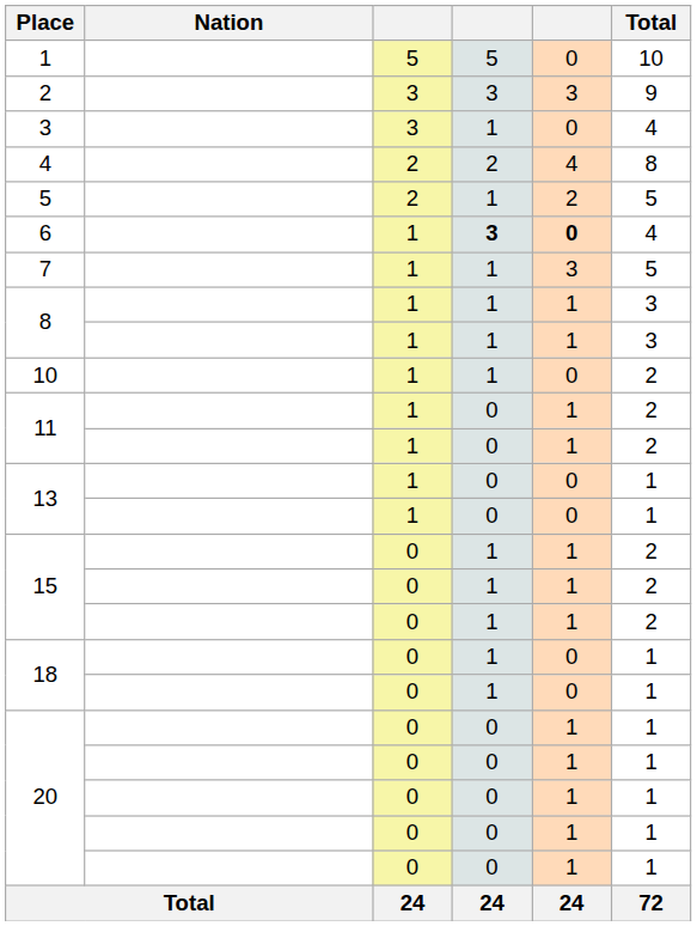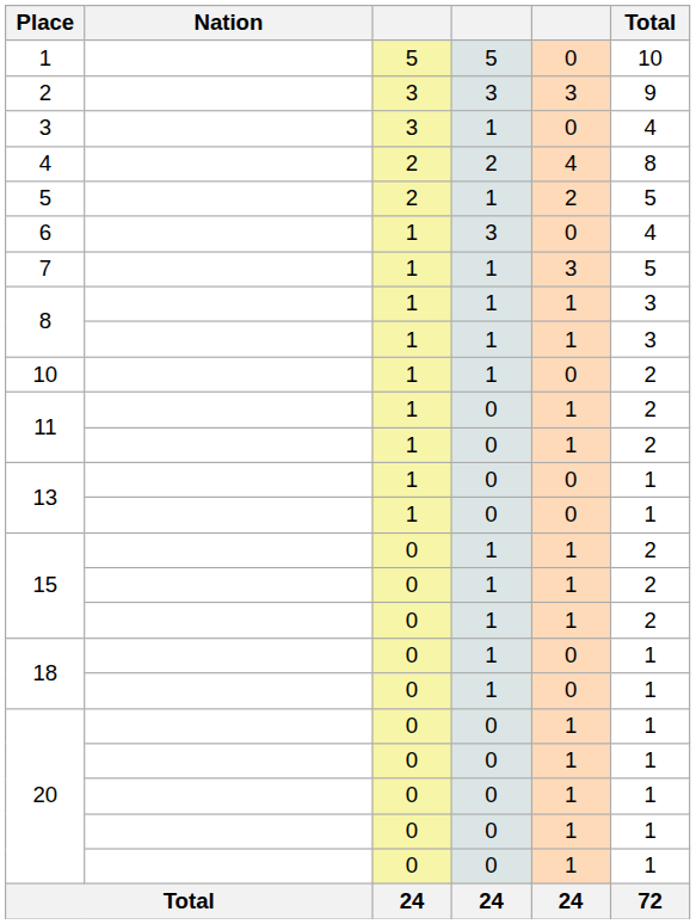 <table class="wikitable" style="border:1px solid #AAAAAA">
 <tr bgcolor="#EFEFEF">
 <th width=50>Place</th>
 <th width=200>Nation</th>
 <th width=50></th>
 <th width=50></th>
 <th width=50></th>
 <th width=50>Total</th>
 </tr>
 <tr align=center bgcolor="#FFFFFF">
 <td>1</td>
 <td align="left"></td>
 <td style="background:#F7F6A8;">5</td>
 <td style="background:#DCE5E5;">5</td>
 <td style="background:#FFDAB9;">0</td>
 <td>10</td>
 </tr>
 <tr align=center bgcolor="#FFFFFF">
 <td>2</td>
 <td align="left"></td>
 <td style="background:#F7F6A8;">3</td>
 <td style="background:#DCE5E5;">3</td>
 <td style="background:#FFDAB9;">3</td>
 <td>9</td>
 </tr>
 <tr align=center bgcolor="#FFFFFF">
 <td>3</td>
 <td align="left"></td>
 <td style="background:#F7F6A8;">3</td>
 <td style="background:#DCE5E5;">1</td>
 <td style="background:#FFDAB9;">0</td>
 <td>4</td>
 </tr>
 <tr align=center bgcolor="#FFFFFF">
 <td>4</td>
 <td align="left"></td>
 <td style="background:#F7F6A8;">2</td>
 <td style="background:#DCE5E5;">2</td>
 <td style="background:#FFDAB9;">4</td>
 <td>8</td>
 </tr>
 <tr align=center bgcolor="#FFFFFF">
 <td>5</td>
 <td align="left"></td>
 <td style="background:#F7F6A8;">2</td>
 <td style="background:#DCE5E5;">1</td>
 <td style="background:#FFDAB9;">2</td>
 <td>5</td>
 </tr>
 <tr align=center bgcolor="#FFFFFF">
 <td>6</td>
 <td align="left"></td>
 <td style="background:#F7F6A8;">1</td>
-<td style="background:#DCE5E5;"><strong>3</strong></td>
-<td style="background:#FFDAB9;"><strong>0</strong></td>
+<td style="background:#DCE5E5;">3</td>
+<td style="background:#FFDAB9;">0</td>
 <td>4</td>
 </tr>
 <tr align=center bgcolor="#FFFFFF">
 <td>7</td>
 <td align="left"></td>
 <td style="background:#F7F6A8;">1</td>
 <td style="background:#DCE5E5;">1</td>
 <td style="background:#FFDAB9;">3</td>
 <td>5</td>
 </tr>
 <tr align=center bgcolor="#FFFFFF">
 <td rowspan=2>8</td>
 <td align="left"></td>
 <td style="background:#F7F6A8;">1</td>
 <td style="background:#DCE5E5;">1</td>
 <td style="background:#FFDAB9;">1</td>
 <td>3</td>
 </tr>
 <tr align=center bgcolor="#FFFFFF">
 <td align="left"></td>
 <td style="background:#F7F6A8;">1</td>
 <td style="background:#DCE5E5;">1</td>
 <td style="background:#FFDAB9;">1</td>
 <td>3</td>
 </tr>
 <tr align=center bgcolor="#FFFFFF">
 <td>10</td>
 <td align="left"></td>
 <td style="background:#F7F6A8;">1</td>
 <td style="background:#DCE5E5;">1</td>
 <td style="background:#FFDAB9;">0</td>
 <td>2</td>
 </tr>
 <tr align=center bgcolor="#FFFFFF">
 <td rowspan=2>11</td>
 <td align="left"></td>
 <td style="background:#F7F6A8;">1</td>
 <td style="background:#DCE5E5;">0</td>
 <td style="background:#FFDAB9;">1</td>
 <td>2</td>
 </tr>
 <tr align=center bgcolor="#FFFFFF">
 <td align="left"></td>
 <td style="background:#F7F6A8;">1</td>
 <td style="background:#DCE5E5;">0</td>
 <td style="background:#FFDAB9;">1</td>
 <td>2</td>
 </tr>
 <tr align=center bgcolor="#FFFFFF">
 <td rowspan=2>13</td>
 <td align="left"></td>
 <td style="background:#F7F6A8;">1</td>
 <td style="background:#DCE5E5;">0</td>
 <td style="background:#FFDAB9;">0</td>
 <td>1</td>
 </tr>
 <tr align=center bgcolor="#FFFFFF">
 <td align="left"></td>
 <td style="background:#F7F6A8;">1</td>
 <td style="background:#DCE5E5;">0</td>
 <td style="background:#FFDAB9;">0</td>
 <td>1</td>
 </tr>
 <tr align=center bgcolor="#FFFFFF">
 <td rowspan=3>15</td>
 <td align="left"></td>
 <td style="background:#F7F6A8;">0</td>
 <td style="background:#DCE5E5;">1</td>
 <td style="background:#FFDAB9;">1</td>
 <td>2</td>
 </tr>
 <tr align=center bgcolor="#FFFFFF">
 <td align="left"></td>
 <td style="background:#F7F6A8;">0</td>
 <td style="background:#DCE5E5;">1</td>
 <td style="background:#FFDAB9;">1</td>
 <td>2</td>
 </tr>
 <tr align=center bgcolor="#FFFFFF">
 <td align="left"></td>
 <td style="background:#F7F6A8;">0</td>
 <td style="background:#DCE5E5;">1</td>
 <td style="background:#FFDAB9;">1</td>
 <td>2</td>
 </tr>
 <tr align=center bgcolor="#FFFFFF">
 <td rowspan=2>18</td>
 <td align="left"></td>
 <td style="background:#F7F6A8;">0</td>
 <td style="background:#DCE5E5;">1</td>
 <td style="background:#FFDAB9;">0</td>
 <td>1</td>
 </tr>
 <tr align=center bgcolor="#FFFFFF">
 <td align="left"></td>
 <td style="background:#F7F6A8;">0</td>
 <td style="background:#DCE5E5;">1</td>
 <td style="background:#FFDAB9;">0</td>
 <td>1</td>
 </tr>
 <tr align=center bgcolor="#FFFFFF">
 <td rowspan=5>20</td>
 <td align="left"></td>
 <td style="background:#F7F6A8;">0</td>
 <td style="background:#DCE5E5;">0</td>
 <td style="background:#FFDAB9;">1</td>
 <td>1</td>
 </tr>
 <tr align=center bgcolor="#FFFFFF">
 <td align="left"></td>
 <td style="background:#F7F6A8;">0</td>
 <td style="background:#DCE5E5;">0</td>
 <td style="background:#FFDAB9;">1</td>
 <td>1</td>
 </tr>
 <tr align=center bgcolor="#FFFFFF">
 <td align="left"></td>
 <td style="background:#F7F6A8;">0</td>
 <td style="background:#DCE5E5;">0</td>
 <td style="background:#FFDAB9;">1</td>
 <td>1</td>
 </tr>
 <tr align=center bgcolor="#FFFFFF">
 <td align="left"></td>
 <td style="background:#F7F6A8;">0</td>
 <td style="background:#DCE5E5;">0</td>
 <td style="background:#FFDAB9;">1</td>
 <td>1</td>
 </tr>
 <tr align=center bgcolor="#FFFFFF">
 <td align="left"></td>
 <td style="background:#F7F6A8;">0</td>
 <td style="background:#DCE5E5;">0</td>
 <td style="background:#FFDAB9;">1</td>
 <td>1</td>
 </tr>
 <tr bgcolor="#EFEFEF">
 <th colspan=2>Total</th>
 <th>24</th>
 <th>24</th>
 <th>24</th>
 <th>72</th>
 </tr>
 </table>
